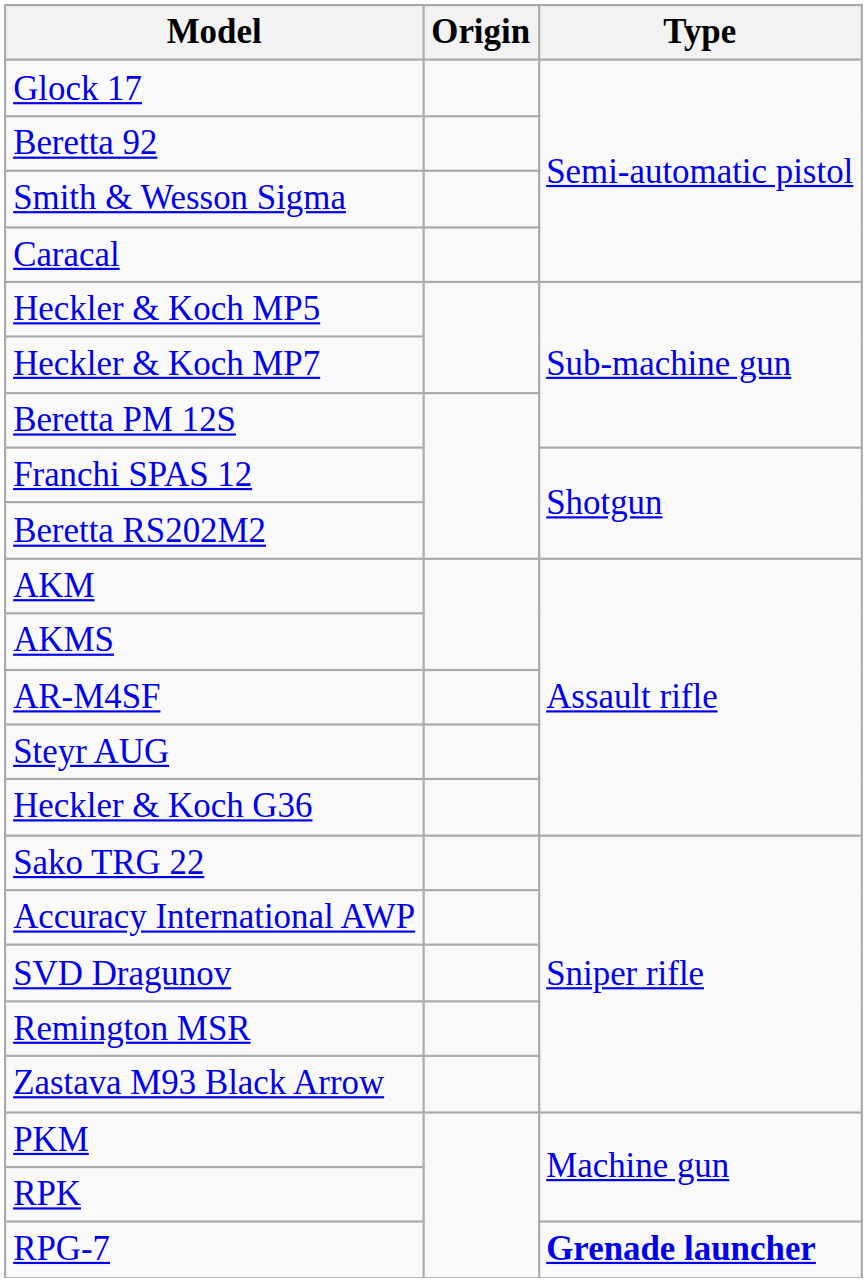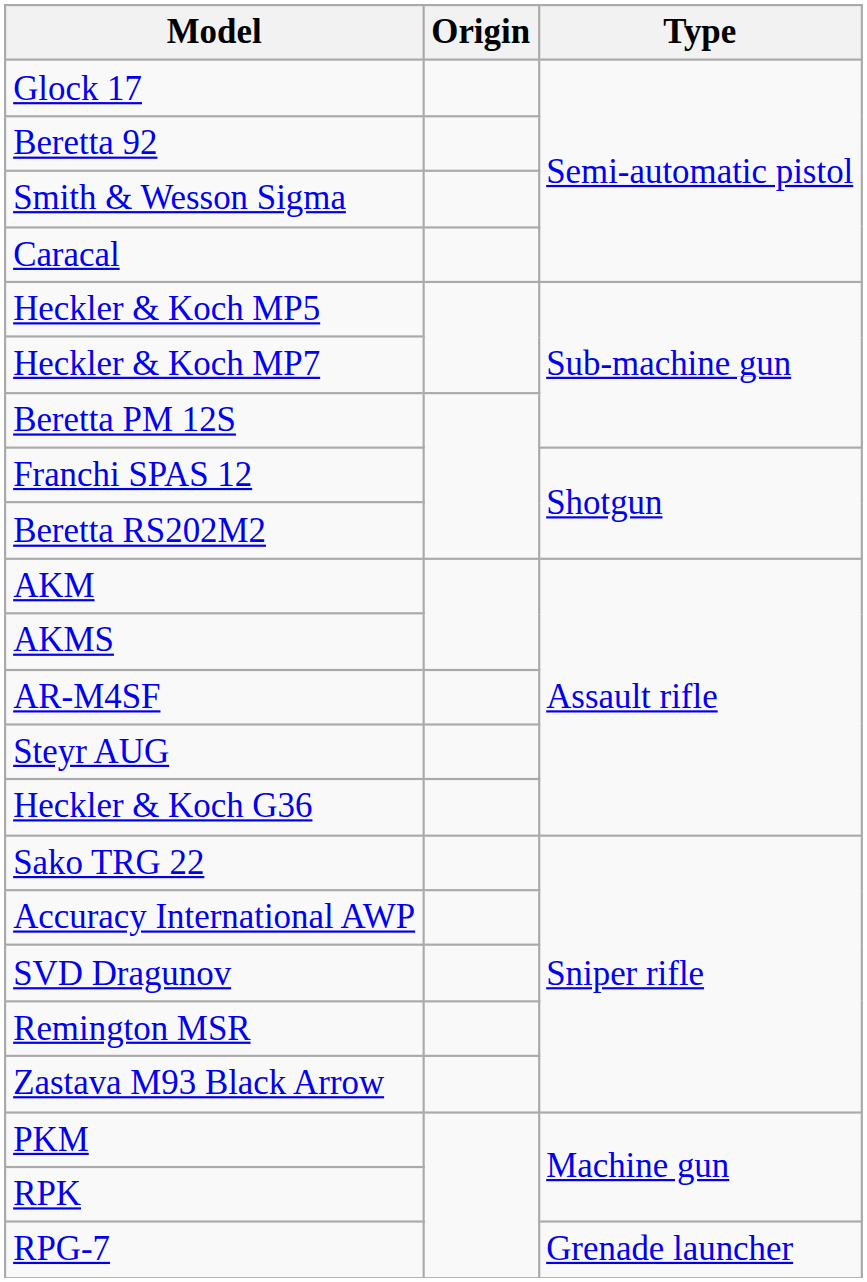 <table class="wikitable">
 <tr>
 <th>Model</th>
 <th>Origin</th>
 <th>Type</th>
 </tr>
 <tr>
 <td><a href='#'>Glock 17</a></td>
 <td></td>
 <td rowspan="4"><a href='#'>Semi-automatic pistol</a></td>
 </tr>
 <tr>
 <td><a href='#'>Beretta 92</a></td>
 <td></td>
 </tr>
 <tr>
 <td><a href='#'>Smith & Wesson Sigma</a></td>
 <td></td>
 </tr>
 <tr>
 <td><a href='#'>Caracal</a></td>
 <td></td>
 </tr>
 <tr>
 <td><a href='#'>Heckler & Koch MP5</a></td>
 <td rowspan="2"></td>
 <td rowspan="3"><a href='#'>Sub-machine gun</a></td>
 </tr>
 <tr>
 <td><a href='#'>Heckler & Koch MP7</a></td>
 </tr>
 <tr>
 <td><a href='#'>Beretta PM 12S</a></td>
 <td rowspan="3"></td>
 </tr>
 <tr>
 <td><a href='#'>Franchi SPAS 12</a></td>
 <td rowspan="2"><a href='#'>Shotgun</a></td>
 </tr>
 <tr>
 <td><a href='#'>Beretta RS202M2</a></td>
 </tr>
 <tr>
 <td><a href='#'>AKM</a></td>
 <td rowspan="2"></td>
 <td rowspan="5"><a href='#'>Assault rifle</a></td>
 </tr>
 <tr>
 <td><a href='#'>AKMS</a></td>
 </tr>
 <tr>
 <td><a href='#'>AR-M4SF</a></td>
 <td></td>
 </tr>
 <tr>
 <td><a href='#'>Steyr AUG</a></td>
 <td></td>
 </tr>
 <tr>
 <td><a href='#'>Heckler & Koch G36</a></td>
 <td></td>
 </tr>
 <tr>
 <td><a href='#'>Sako TRG 22</a></td>
 <td></td>
 <td rowspan="5"><a href='#'>Sniper rifle</a></td>
 </tr>
 <tr>
 <td><a href='#'>Accuracy International AWP</a></td>
 <td></td>
 </tr>
 <tr>
 <td><a href='#'>SVD Dragunov</a></td>
 <td></td>
 </tr>
 <tr>
 <td><a href='#'>Remington MSR</a></td>
 <td></td>
 </tr>
 <tr>
 <td><a href='#'>Zastava M93 Black Arrow</a></td>
 <td></td>
 </tr>
 <tr>
 <td><a href='#'>PKM</a></td>
 <td rowspan="3"></td>
 <td rowspan="2"><a href='#'>Machine gun</a></td>
 </tr>
 <tr>
 <td><a href='#'>RPK</a></td>
 </tr>
 <tr>
 <td><a href='#'>RPG-7</a></td>
-<td><strong><a href='#'>Grenade launcher</a></strong></td>
+<td><a href='#'>Grenade launcher</a></td>
 </tr>
 </table>
